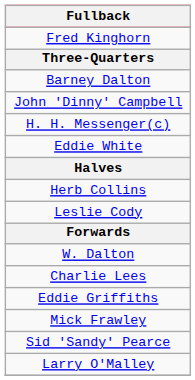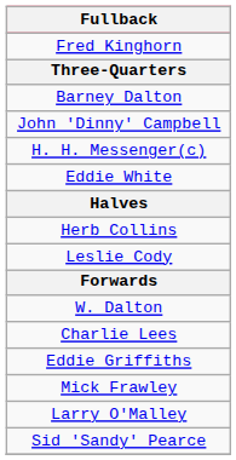 <table class="wikitable" style="float:right; font-size:75%;">
 <tr style="background:#f03;">
 <th style="width:130px;">Fullback</th>
 </tr>
 <tr align=center>
 <td><a href='#'>Fred Kinghorn</a></td>
 </tr>
 <tr align=center>
 <th style="width:130px;">Three-Quarters</th>
 </tr>
 <tr align=center>
 <td><a href='#'>Barney Dalton</a></td>
 </tr>
 <tr align=center>
 <td><a href='#'>John 'Dinny' Campbell</a></td>
 </tr>
 <tr align=center>
 <td><a href='#'>H. H. Messenger(c)</a></td>
 </tr>
 <tr align=center>
 <td><a href='#'>Eddie White</a></td>
 </tr>
 <tr align=center>
 <th style="width:130px;">Halves</th>
 </tr>
 <tr align=center>
 <td><a href='#'>Herb Collins</a></td>
 </tr>
 <tr align=center>
 <td><a href='#'>Leslie Cody</a></td>
 </tr>
 <tr align=center>
 <th style="width:130px;">Forwards</th>
 </tr>
 <tr align=center>
 <td><a href='#'>W. Dalton</a></td>
 </tr>
 <tr align=center>
 <td><a href='#'>Charlie Lees</a></td>
 </tr>
 <tr align=center>
 <td><a href='#'>Eddie Griffiths</a></td>
 </tr>
 <tr align=center>
 <td><a href='#'>Mick Frawley</a></td>
 </tr>
 <tr align=center>
-<td><a href='#'>Sid 'Sandy' Pearce</a></td>
+<td><a href='#'>Larry O'Malley</a></td>
 </tr>
 <tr align=center>
-<td><a href='#'>Larry O'Malley</a></td>
+<td><a href='#'>Sid 'Sandy' Pearce</a></td>
 </tr>
 <tr align=center>
 </tr>
 <tr>
 </tr>
 </table>
